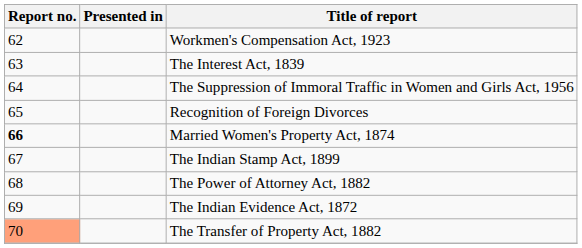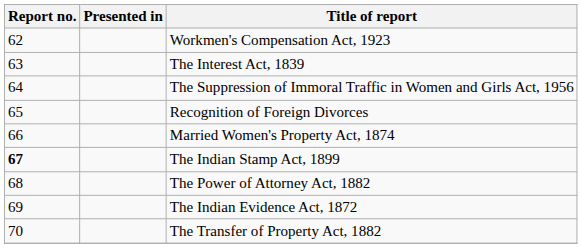 <table class="wikitable">
 <tr>
 <th>Report no.</th>
 <th>Presented in</th>
 <th>Title of report</th>
 </tr>
 <tr>
 <td>62</td>
 <td></td>
 <td>Workmen's Compensation Act, 1923</td>
 </tr>
 <tr>
 <td>63</td>
 <td></td>
 <td>The Interest Act, 1839</td>
 </tr>
 <tr>
 <td>64</td>
 <td></td>
 <td>The Suppression of Immoral Traffic in Women and Girls Act, 1956</td>
 </tr>
 <tr>
 <td>65</td>
 <td></td>
 <td>Recognition of Foreign Divorces</td>
 </tr>
 <tr>
-<td><strong>66</strong></td>
+<td>66</td>
 <td></td>
 <td>Married Women's Property Act, 1874</td>
 </tr>
 <tr>
-<td>67</td>
+<td><strong>67</strong></td>
 <td></td>
 <td>The Indian Stamp Act, 1899</td>
 </tr>
 <tr>
 <td>68</td>
 <td></td>
 <td>The Power of Attorney Act, 1882</td>
 </tr>
 <tr>
 <td>69</td>
 <td></td>
 <td>The Indian Evidence Act, 1872</td>
 </tr>
 <tr>
-<td style="background: lightsalmon;">70</td>
+<td>70</td>
 <td></td>
 <td>The Transfer of Property Act, 1882</td>
 </tr>
 <tr>
 </tr>
 </table>
